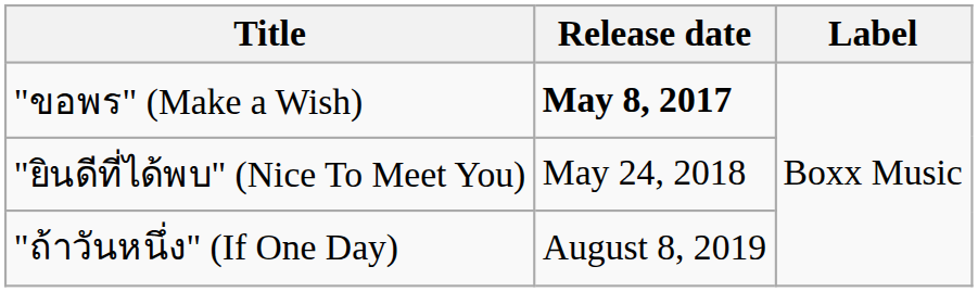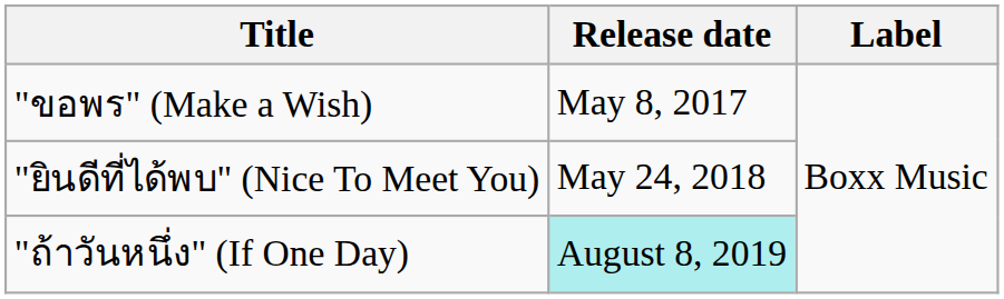 <table class="wikitable">
 <tr>
 <th>Title</th>
 <th>Release date</th>
 <th>Label</th>
 </tr>
 <tr>
 <td>"ขอพร" (Make a Wish)</td>
-<td><strong>May 8, 2017</strong></td>
+<td>May 8, 2017</td>
 <td rowspan="3">Boxx Music</td>
 </tr>
 <tr>
 <td>"ยินดีที่ได้พบ" (Nice To Meet You)</td>
 <td>May 24, 2018</td>
 </tr>
 <tr>
 <td>"ถ้าวันหนึ่ง" (If One Day)</td>
-<td>August 8, 2019</td>
+<td style="background: paleturquoise;">August 8, 2019</td>
 </tr>
 </table>
